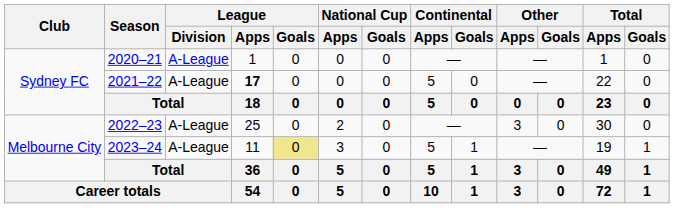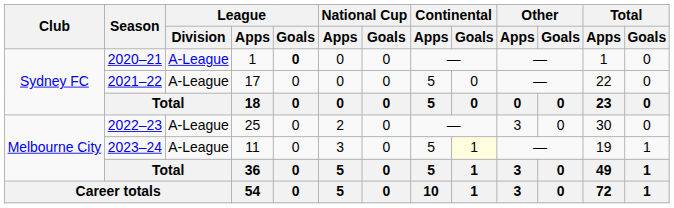 <table class="wikitable" style="text-align:center">
 <tr>
 <th rowspan="2">Club</th>
 <th rowspan="2">Season</th>
 <th colspan="3">League</th>
 <th colspan="2">National Cup</th>
 <th colspan="2">Continental</th>
 <th colspan="2">Other</th>
 <th colspan="2">Total</th>
 </tr>
 <tr>
 <th>Division</th>
 <th>Apps</th>
 <th>Goals</th>
 <th>Apps</th>
 <th>Goals</th>
 <th>Apps</th>
 <th>Goals</th>
 <th>Apps</th>
 <th>Goals</th>
 <th>Apps</th>
 <th>Goals</th>
 </tr>
 <tr>
 <td rowspan="3"><a href='#'>Sydney FC</a></td>
 <td><a href='#'>2020–21</a></td>
 <td><a href='#'>A-League</a></td>
 <td>1</td>
-<td>0</td>
+<td><strong>0</strong></td>
 <td>0</td>
 <td>0</td>
 <td colspan="2">—</td>
 <td colspan="2">—</td>
 <td>1</td>
 <td>0</td>
 </tr>
 <tr>
 <td><a href='#'>2021–22</a></td>
 <td>A-League</td>
-<td><strong>17</strong></td>
+<td>17</td>
 <td>0</td>
 <td>0</td>
 <td>0</td>
 <td>5</td>
 <td>0</td>
 <td colspan="2">—</td>
 <td>22</td>
 <td>0</td>
 </tr>
 <tr>
 <th colspan="2">Total</th>
 <th>18</th>
 <th>0</th>
 <th>0</th>
 <th>0</th>
 <th>5</th>
 <th>0</th>
 <th>0</th>
 <th>0</th>
 <th>23</th>
 <th>0</th>
 </tr>
 <tr>
 <td rowspan="3"><a href='#'>Melbourne City</a></td>
 <td><a href='#'>2022–23</a></td>
 <td>A-League</td>
 <td>25</td>
 <td>0</td>
 <td>2</td>
 <td>0</td>
 <td colspan="2">—</td>
 <td>3</td>
 <td>0</td>
 <td>30</td>
 <td>0</td>
 </tr>
 <tr>
 <td><a href='#'>2023–24</a></td>
 <td>A-League</td>
 <td>11</td>
-<td style="background: khaki;">0</td>
+<td>0</td>
 <td>3</td>
 <td>0</td>
 <td>5</td>
-<td>1</td>
+<td style="background: lightyellow;">1</td>
 <td colspan="2">—</td>
 <td>19</td>
 <td>1</td>
 </tr>
 <tr>
 <th colspan="2">Total</th>
 <th>36</th>
 <th>0</th>
 <th>5</th>
 <th>0</th>
 <th>5</th>
 <th>1</th>
 <th>3</th>
 <th>0</th>
 <th>49</th>
 <th>1</th>
 </tr>
 <tr>
 <th colspan="3">Career totals</th>
 <th>54</th>
 <th>0</th>
 <th>5</th>
 <th>0</th>
 <th>10</th>
 <th>1</th>
 <th>3</th>
 <th>0</th>
 <th>72</th>
 <th>1</th>
 </tr>
 </table>
